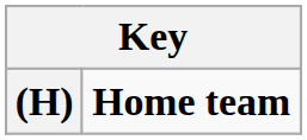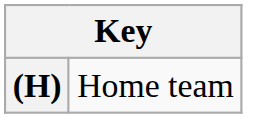 <table class="wikitable plainrowheaders">
 <tr>
 <th colspan="2" scope="col">Key</th>
 </tr>
 <tr>
 <th align="left" scope="row">(H)</th>
-<td align="left"><strong>Home team</strong></td>
+<td align="left">Home team</td>
 </tr>
 </table>
